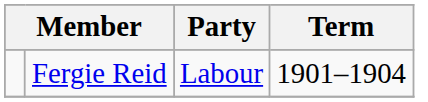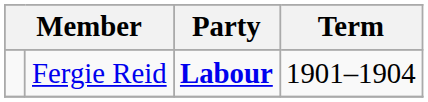 <table class="wikitable">
 <tr>
 <th colspan="2">Member</th>
 <th>Party</th>
 <th>Term</th>
 </tr>
 <tr>
 <td> </td>
 <td><a href='#'>Fergie Reid</a></td>
-<td><a href='#'>Labour</a></td>
+<td><strong><a href='#'>Labour</a></strong></td>
 <td>1901–1904</td>
 </tr>
 <tr>
 </tr>
 </table>
